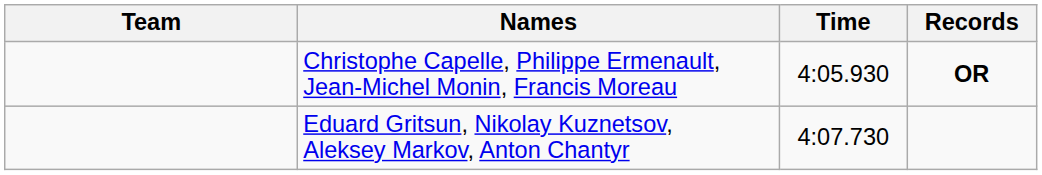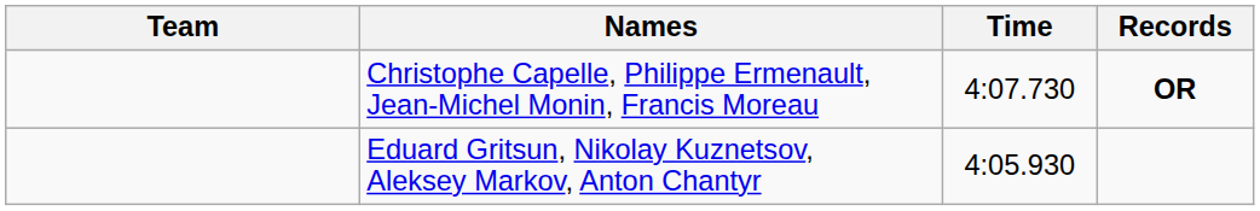 <table class="wikitable" style="text-align:center;">
 <tr>
 <th style="width:12em;">Team</th>
 <th style="width:20em;">Names</th>
 <th style="width:5em;">Time</th>
 <th style="width:5em;">Records</th>
 </tr>
 <tr>
 <td align=left></td>
 <td align=left><a href='#'>Christophe Capelle</a>, <a href='#'>Philippe Ermenault</a>, <br> <a href='#'>Jean-Michel Monin</a>, <a href='#'>Francis Moreau</a></td>
-<td>4:05.930</td>
+<td>4:07.730</td>
 <td><strong>OR</strong></td>
 </tr>
 <tr>
 <td align=left></td>
 <td align=left><a href='#'>Eduard Gritsun</a>, <a href='#'>Nikolay Kuznetsov</a>, <br> <a href='#'>Aleksey Markov</a>, <a href='#'>Anton Chantyr</a></td>
-<td>4:07.730</td>
+<td>4:05.930</td>
 <td></td>
 </tr>
 </table>
